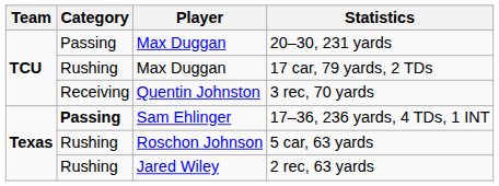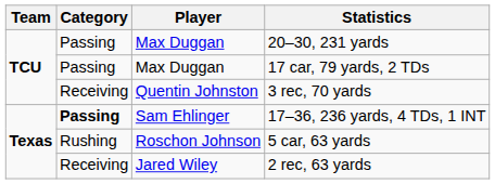 <table class="wikitable" style="float: right;">
 <tr>
 <th>Team</th>
 <th>Category</th>
 <th>Player</th>
 <th>Statistics</th>
 </tr>
 <tr>
 <td rowspan=3><strong>TCU</strong></td>
 <td>Passing</td>
 <td><a href='#'>Max Duggan</a></td>
 <td>20–30, 231 yards</td>
 </tr>
 <tr>
-<td>Rushing</td>
+<td>Passing</td>
 <td>Max Duggan</td>
 <td>17 car, 79 yards, 2 TDs</td>
 </tr>
 <tr>
 <td>Receiving</td>
 <td><a href='#'>Quentin Johnston</a></td>
 <td>3 rec, 70 yards</td>
 </tr>
 <tr>
 <td rowspan=3><strong>Texas</strong></td>
 <td><strong>Passing</strong></td>
 <td><a href='#'>Sam Ehlinger</a></td>
 <td>17–36, 236 yards, 4 TDs, 1 INT</td>
 </tr>
 <tr>
 <td>Rushing</td>
 <td><a href='#'>Roschon Johnson</a></td>
 <td>5 car, 63 yards</td>
 </tr>
 <tr>
-<td>Rushing</td>
+<td>Receiving</td>
 <td><a href='#'>Jared Wiley</a></td>
 <td>2 rec, 63 yards</td>
 </tr>
 </table>
